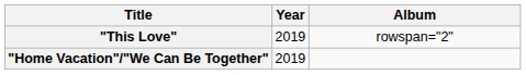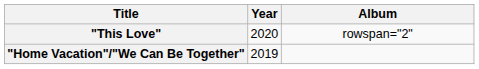 <table class="wikitable plainrowheaders" style="text-align:center">
 <tr>
 <th scope="col">Title</th>
 <th scope="col">Year</th>
 <th scope="col" style="width:15em;">Album</th>
 </tr>
 <tr>
 <th scope="row">"This Love"</th>
-<td>2019</td>
+<td>2020</td>
 <td>rowspan="2" </td>
 </tr>
 <tr>
 <th scope="row">"Home Vacation"/"We Can Be Together"<br></th>
 <td>2019</td>
 </tr>
 </table>
